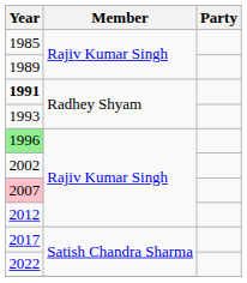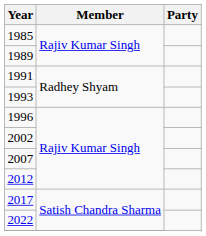 <table class="wikitable sortable">
 <tr>
 <th>Year</th>
 <th>Member</th>
 <th colspan="2">Party</th>
 </tr>
 <tr>
 <td>1985</td>
 <td rowspan=2><a href='#'>Rajiv Kumar Singh</a></td>
 <td></td>
 </tr>
 <tr>
 <td>1989</td>
 </tr>
 <tr>
-<td><strong>1991</strong></td>
+<td>1991</td>
 <td rowspan=2>Radhey Shyam</td>
 <td></td>
 </tr>
 <tr>
 <td>1993</td>
 <td></td>
 </tr>
 <tr>
-<td style="background: lightgreen;">1996</td>
+<td>1996</td>
 <td rowspan=4><a href='#'>Rajiv Kumar Singh</a></td>
 <td></td>
 </tr>
 <tr>
 <td>2002</td>
 </tr>
 <tr>
-<td style="background: pink;">2007</td>
+<td>2007</td>
 <td></td>
 </tr>
 <tr>
 <td><a href='#'>2012</a></td>
 </tr>
 <tr>
 <td><a href='#'>2017</a></td>
 <td rowspan=2><a href='#'>Satish Chandra Sharma</a></td>
 <td></td>
 </tr>
 <tr>
 <td><a href='#'>2022</a></td>
 </tr>
 <tr>
 </tr>
 </table>
